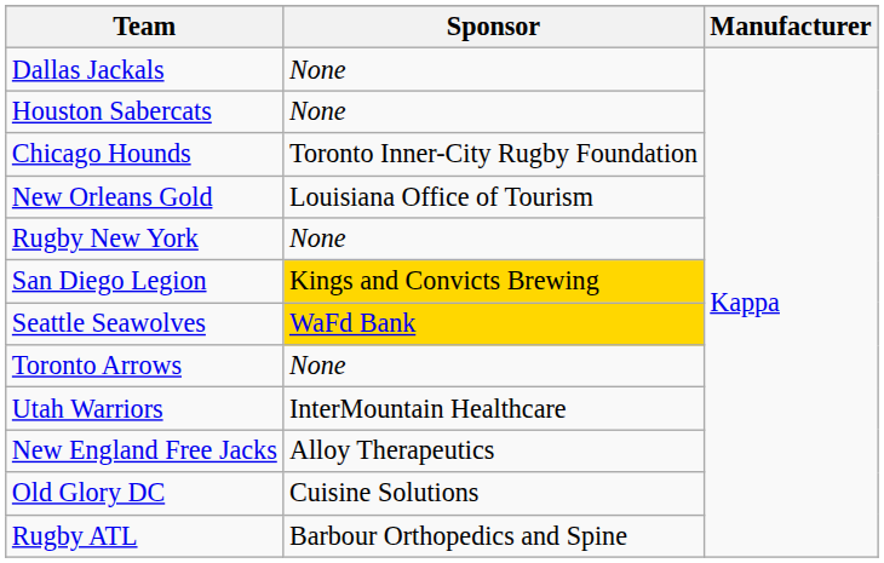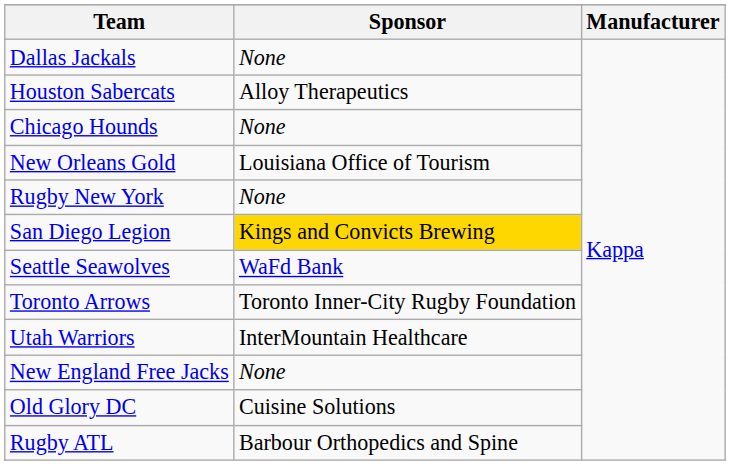 <table class="wikitable sortable" style="margin-left:1em;">
 <tr>
 </tr>
 <tr>
 <th>Team</th>
 <th>Sponsor</th>
 <th>Manufacturer</th>
 </tr>
 <tr>
 <td><a href='#'>Dallas Jackals</a></td>
 <td><em>None</em></td>
 <td rowspan="12"><a href='#'>Kappa</a></td>
 </tr>
 <tr>
 <td><a href='#'>Houston Sabercats</a></td>
-<td><em>None</em></td>
+<td>Alloy Therapeutics</td>
 </tr>
 <tr>
 <td><a href='#'>Chicago Hounds</a></td>
-<td>Toronto Inner-City Rugby Foundation</td>
+<td><em>None</em></td>
 </tr>
 <tr>
 <td><a href='#'>New Orleans Gold</a></td>
 <td>Louisiana Office of Tourism</td>
 </tr>
 <tr>
 <td><a href='#'>Rugby New York</a></td>
 <td><em>None</em></td>
 </tr>
 <tr>
 <td><a href='#'>San Diego Legion</a></td>
 <td style="background: gold;">Kings and Convicts Brewing</td>
 </tr>
 <tr>
 <td><a href='#'>Seattle Seawolves</a></td>
-<td style="background: gold;"><a href='#'>WaFd Bank</a></td>
+<td><a href='#'>WaFd Bank</a></td>
 </tr>
 <tr>
 <td><a href='#'>Toronto Arrows</a></td>
-<td><em>None</em></td>
+<td>Toronto Inner-City Rugby Foundation</td>
 </tr>
 <tr>
 <td><a href='#'>Utah Warriors</a></td>
 <td>InterMountain Healthcare</td>
 </tr>
 <tr>
 <td><a href='#'>New England Free Jacks</a></td>
-<td>Alloy Therapeutics</td>
+<td><em>None</em></td>
 </tr>
 <tr>
 <td><a href='#'>Old Glory DC</a></td>
 <td>Cuisine Solutions</td>
 </tr>
 <tr>
 <td><a href='#'>Rugby ATL</a></td>
 <td>Barbour Orthopedics and Spine</td>
 </tr>
 </table>
